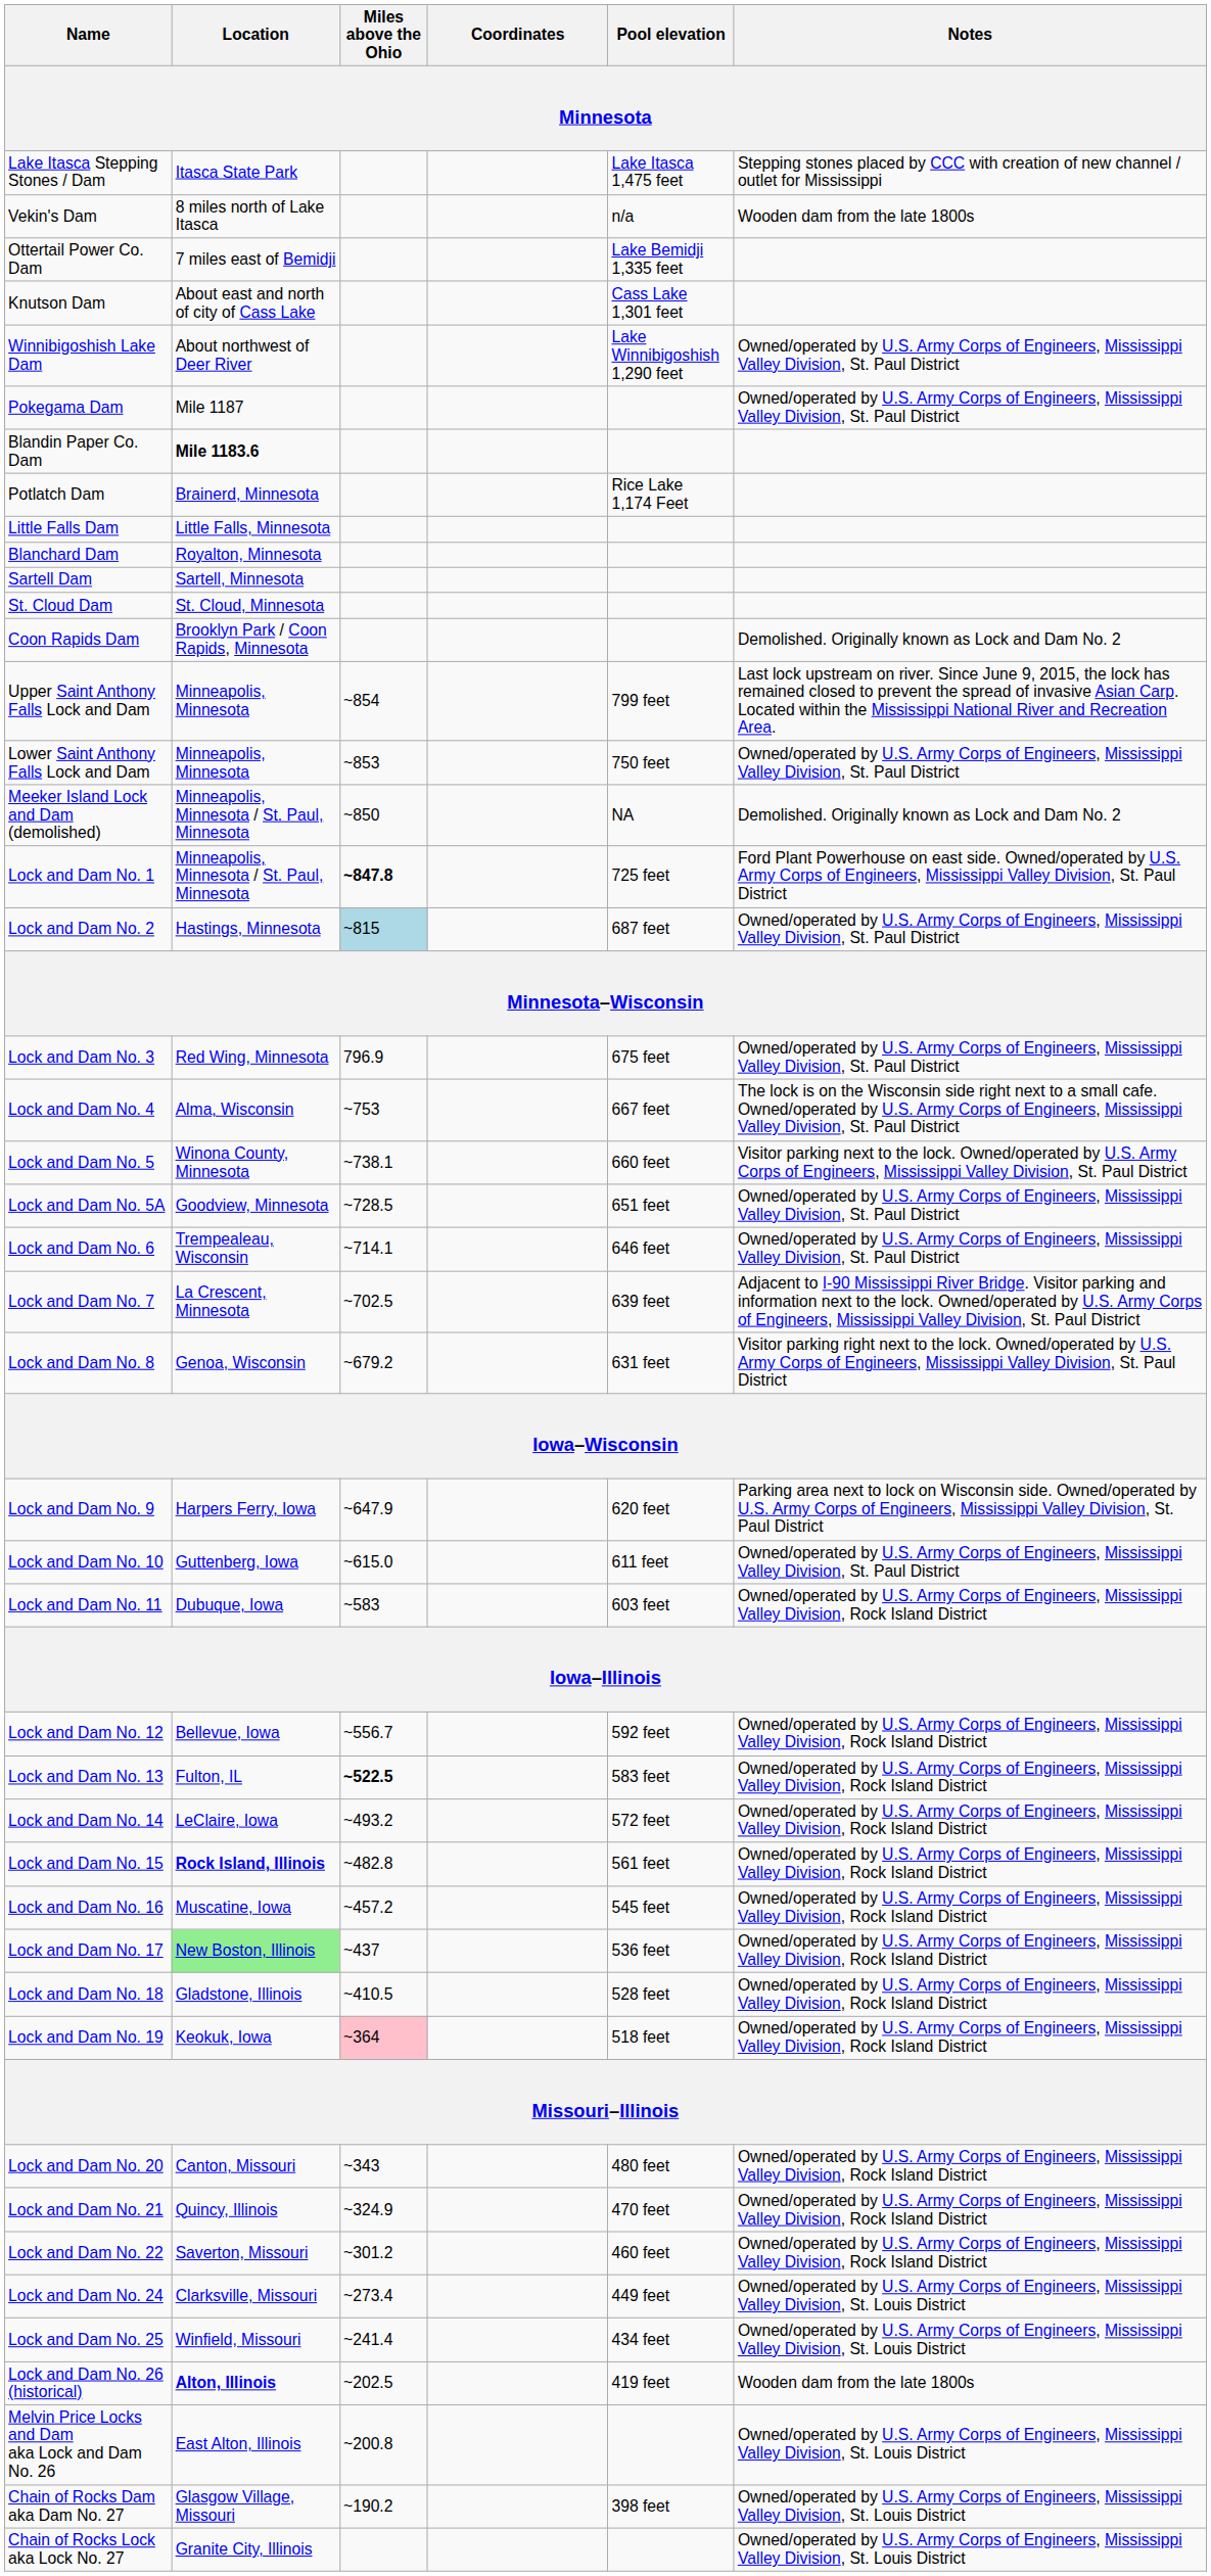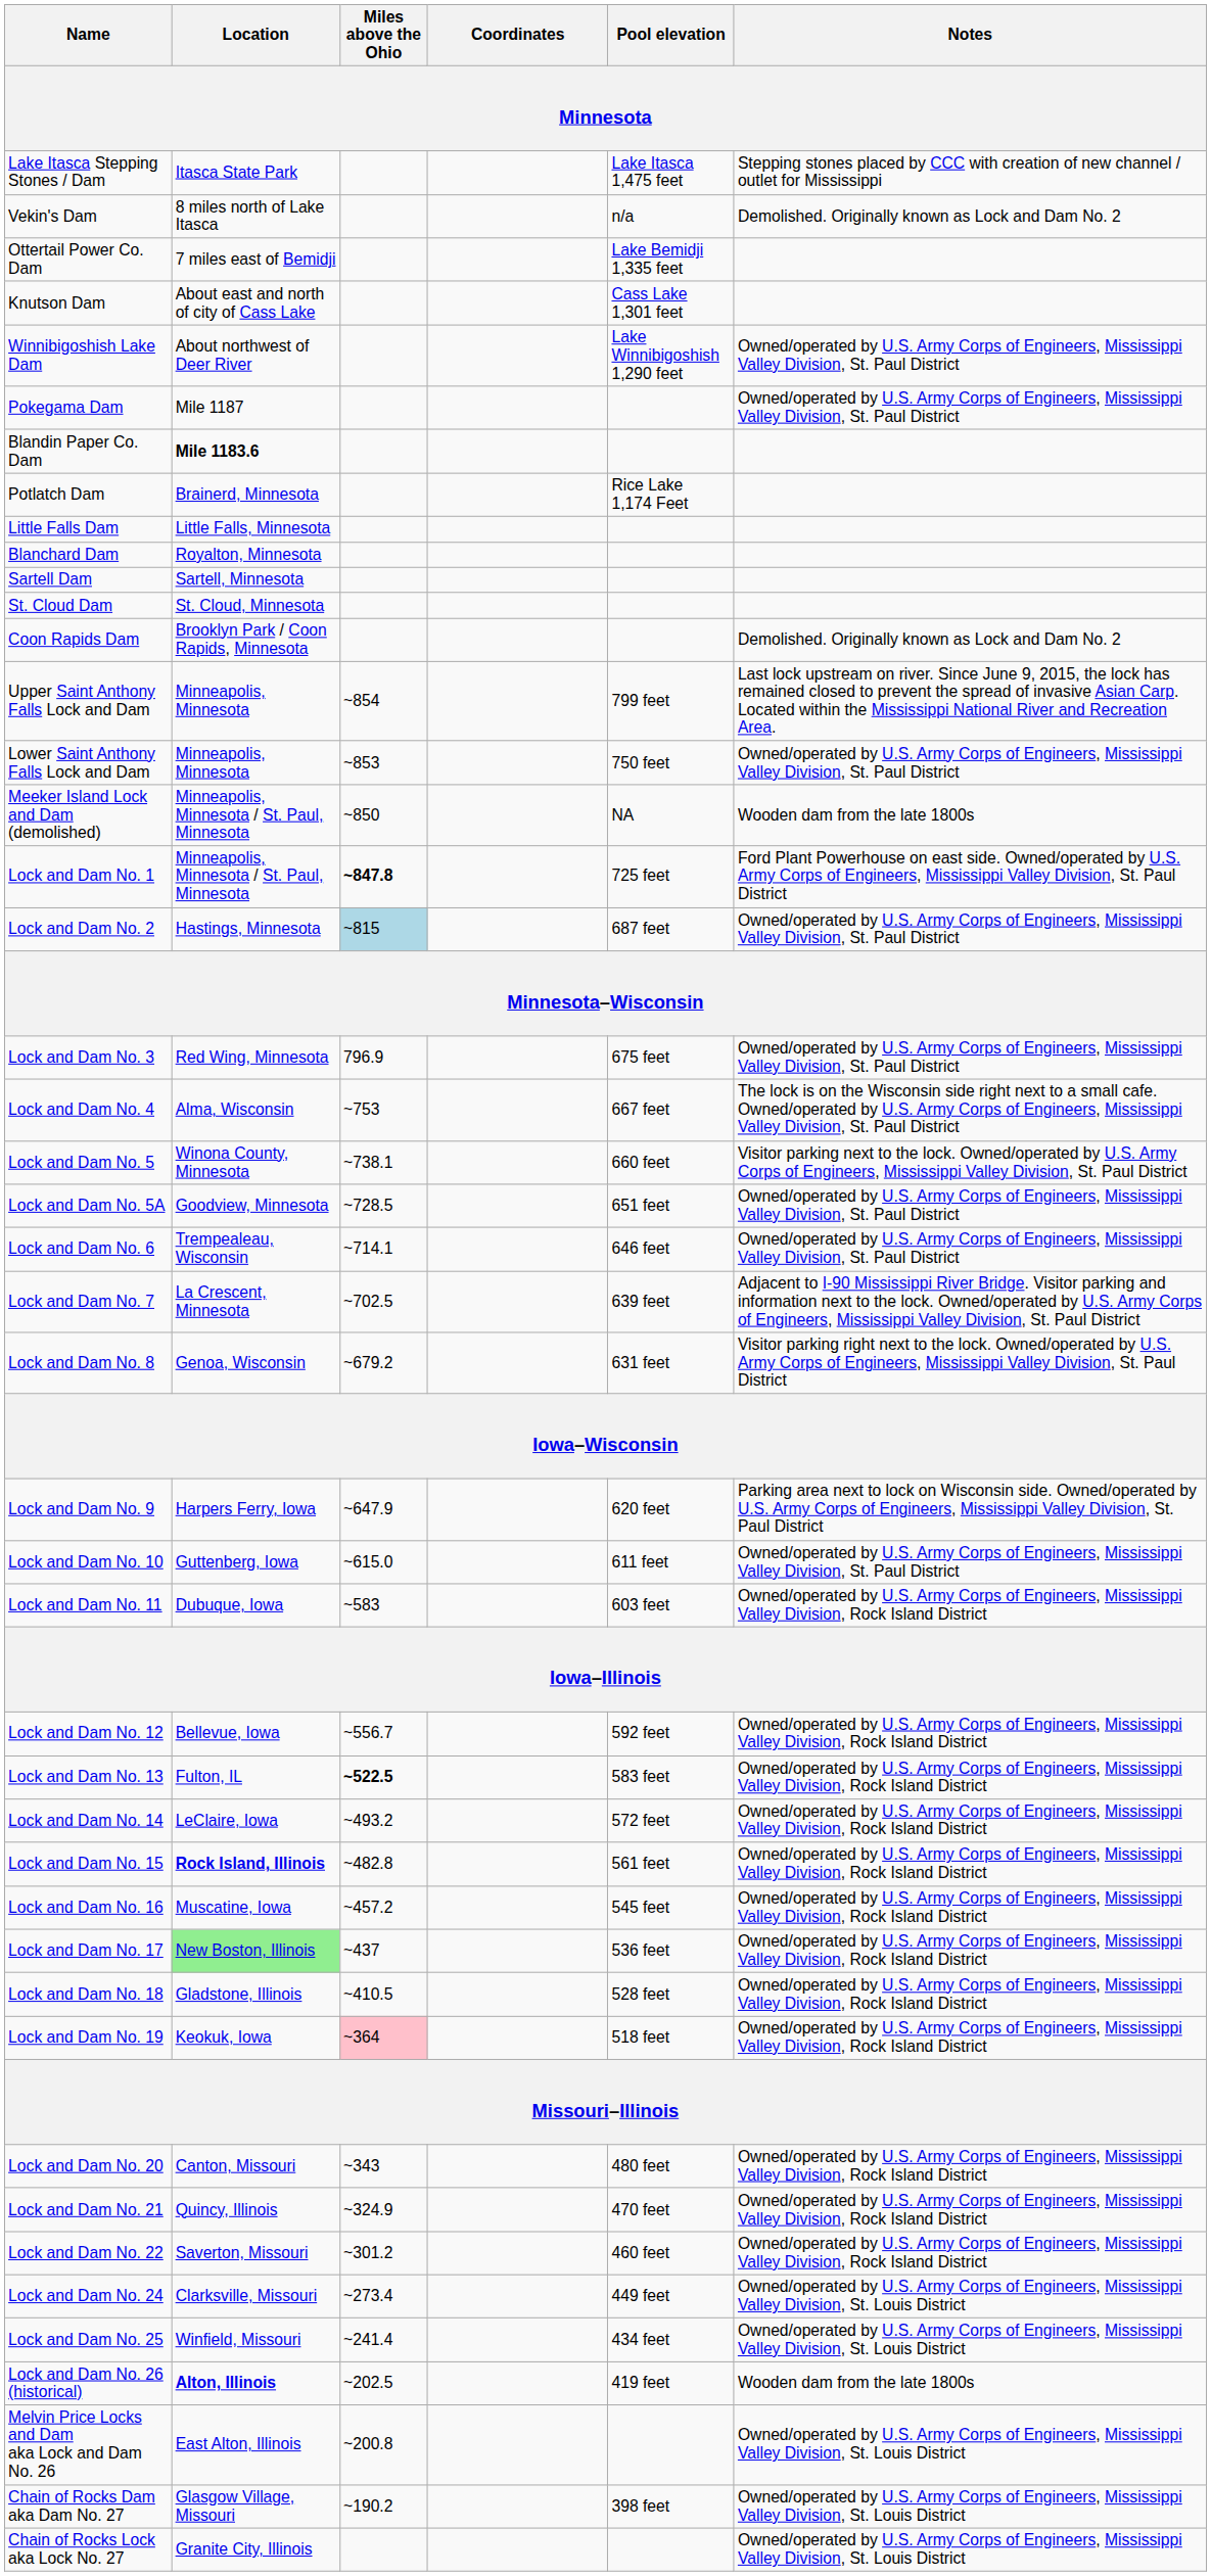 <table class="wikitable" width="95%">
 <tr>
 <th>Name</th>
 <th>Location</th>
 <th>Miles above the Ohio</th>
 <th width="15%">Coordinates</th>
 <th>Pool elevation</th>
 <th>Notes</th>
 </tr>
 <tr>
 <th colspan=6><br><h3><a href='#'>Minnesota</a></h3></th>
 </tr>
 <tr>
 <td><a href='#'>Lake Itasca</a> Stepping Stones / Dam</td>
 <td><a href='#'>Itasca State Park</a></td>
 <td></td>
 <td></td>
 <td><a href='#'>Lake Itasca</a><br>1,475 feet</td>
 <td>Stepping stones placed by <a href='#'>CCC</a> with creation of new channel / outlet for Mississippi</td>
 </tr>
 <tr>
 <td>Vekin's Dam</td>
 <td>8 miles north of Lake Itasca</td>
 <td></td>
 <td></td>
 <td>n/a</td>
-<td>Wooden dam from the late 1800s</td>
+<td>Demolished. Originally known as Lock and Dam No. 2</td>
 </tr>
 <tr>
 <td>Ottertail Power Co. Dam</td>
 <td>7 miles east of <a href='#'>Bemidji</a></td>
 <td></td>
 <td></td>
 <td><a href='#'>Lake Bemidji</a><br>1,335 feet</td>
 <td></td>
 </tr>
 <tr>
 <td>Knutson Dam</td>
 <td>About  east and north of city of <a href='#'>Cass Lake</a></td>
 <td></td>
 <td></td>
 <td><a href='#'>Cass Lake</a><br>1,301 feet</td>
 <td></td>
 </tr>
 <tr>
 <td><a href='#'>Winnibigoshish Lake Dam</a></td>
 <td>About  northwest of <a href='#'>Deer River</a></td>
 <td></td>
 <td></td>
 <td><a href='#'>Lake Winnibigoshish</a><br>1,290 feet</td>
 <td>Owned/operated by <a href='#'>U.S. Army Corps of Engineers</a>, <a href='#'>Mississippi Valley Division</a>, St. Paul District</td>
 </tr>
 <tr>
 <td><a href='#'>Pokegama Dam</a></td>
 <td>Mile 1187</td>
 <td></td>
 <td></td>
 <td></td>
 <td>Owned/operated by <a href='#'>U.S. Army Corps of Engineers</a>, <a href='#'>Mississippi Valley Division</a>, St. Paul District</td>
 </tr>
 <tr>
 <td>Blandin Paper Co. Dam</td>
 <td><strong>Mile 1183.6</strong></td>
 <td></td>
 <td></td>
 <td></td>
 <td></td>
 </tr>
 <tr>
 <td>Potlatch Dam</td>
 <td><a href='#'>Brainerd, Minnesota</a></td>
 <td></td>
 <td></td>
 <td>Rice Lake<br>1,174 Feet</td>
 <td></td>
 </tr>
 <tr>
 <td><a href='#'>Little Falls Dam</a></td>
 <td><a href='#'>Little Falls, Minnesota</a></td>
 <td></td>
 <td></td>
 <td></td>
 <td></td>
 </tr>
 <tr>
 <td><a href='#'>Blanchard Dam</a></td>
 <td><a href='#'>Royalton, Minnesota</a></td>
 <td></td>
 <td></td>
 <td></td>
 <td></td>
 </tr>
 <tr>
 <td><a href='#'>Sartell Dam</a></td>
 <td><a href='#'>Sartell, Minnesota</a></td>
 <td></td>
 <td></td>
 <td></td>
 <td></td>
 </tr>
 <tr>
 <td><a href='#'>St. Cloud Dam</a></td>
 <td><a href='#'>St. Cloud, Minnesota</a></td>
 <td></td>
 <td></td>
 <td></td>
 <td></td>
 </tr>
 <tr>
 <td><a href='#'>Coon Rapids Dam</a></td>
 <td><a href='#'>Brooklyn Park</a> / <a href='#'>Coon Rapids</a>, <a href='#'>Minnesota</a></td>
 <td></td>
 <td></td>
 <td></td>
 <td>Demolished. Originally known as Lock and Dam No. 2</td>
 </tr>
 <tr>
 <td>Upper <a href='#'>Saint Anthony Falls</a> Lock and Dam</td>
 <td><a href='#'>Minneapolis, Minnesota</a></td>
 <td>~854</td>
 <td></td>
 <td>799 feet</td>
 <td>Last lock upstream on river. Since June 9, 2015, the lock has remained closed to prevent the spread of invasive <a href='#'>Asian Carp</a>. Located within the <a href='#'>Mississippi National River and Recreation Area</a>.</td>
 </tr>
 <tr>
 <td>Lower <a href='#'>Saint Anthony Falls</a> Lock and Dam</td>
 <td><a href='#'>Minneapolis, Minnesota</a></td>
 <td>~853</td>
 <td></td>
 <td>750 feet</td>
 <td>Owned/operated by <a href='#'>U.S. Army Corps of Engineers</a>, <a href='#'>Mississippi Valley Division</a>, St. Paul District</td>
 </tr>
 <tr>
 <td><a href='#'>Meeker Island Lock and Dam</a><br>(demolished)</td>
 <td><a href='#'>Minneapolis, Minnesota</a> / <a href='#'>St. Paul, Minnesota</a></td>
 <td>~850</td>
 <td></td>
 <td>NA</td>
-<td>Demolished. Originally known as Lock and Dam No. 2</td>
+<td>Wooden dam from the late 1800s</td>
 </tr>
 <tr>
 <td><a href='#'>Lock and Dam No. 1</a></td>
 <td><a href='#'>Minneapolis, Minnesota</a> / <a href='#'>St. Paul, Minnesota</a></td>
 <td><strong>~847.8</strong></td>
 <td></td>
 <td>725 feet</td>
 <td>Ford Plant Powerhouse on east side. Owned/operated by <a href='#'>U.S. Army Corps of Engineers</a>, <a href='#'>Mississippi Valley Division</a>, St. Paul District</td>
 </tr>
 <tr>
 <td><a href='#'>Lock and Dam No. 2</a></td>
 <td><a href='#'>Hastings, Minnesota</a></td>
 <td style="background: lightblue;">~815</td>
 <td></td>
 <td>687 feet</td>
 <td>Owned/operated by <a href='#'>U.S. Army Corps of Engineers</a>, <a href='#'>Mississippi Valley Division</a>, St. Paul District</td>
 </tr>
 <tr>
 <th colspan=6><br><h3><a href='#'>Minnesota</a>–<a href='#'>Wisconsin</a></h3></th>
 </tr>
 <tr>
 <td><a href='#'>Lock and Dam No. 3</a></td>
 <td><a href='#'>Red Wing, Minnesota</a></td>
 <td>796.9</td>
 <td></td>
 <td>675 feet</td>
 <td>Owned/operated by <a href='#'>U.S. Army Corps of Engineers</a>, <a href='#'>Mississippi Valley Division</a>, St. Paul District</td>
 </tr>
 <tr>
 <td><a href='#'>Lock and Dam No. 4</a></td>
 <td><a href='#'>Alma, Wisconsin</a></td>
 <td>~753</td>
 <td></td>
 <td>667 feet</td>
 <td>The lock is on the Wisconsin side right next to a small cafe. Owned/operated by <a href='#'>U.S. Army Corps of Engineers</a>, <a href='#'>Mississippi Valley Division</a>, St. Paul District</td>
 </tr>
 <tr>
 <td><a href='#'>Lock and Dam No. 5</a></td>
 <td><a href='#'>Winona County, Minnesota</a></td>
 <td>~738.1</td>
 <td></td>
 <td>660 feet</td>
 <td>Visitor parking next to the lock. Owned/operated by <a href='#'>U.S. Army Corps of Engineers</a>, <a href='#'>Mississippi Valley Division</a>, St. Paul District</td>
 </tr>
 <tr>
 <td><a href='#'>Lock and Dam No. 5A</a></td>
 <td><a href='#'>Goodview, Minnesota</a></td>
 <td>~728.5</td>
 <td></td>
 <td>651 feet</td>
 <td>Owned/operated by <a href='#'>U.S. Army Corps of Engineers</a>, <a href='#'>Mississippi Valley Division</a>, St. Paul District</td>
 </tr>
 <tr>
 <td><a href='#'>Lock and Dam No. 6</a></td>
 <td><a href='#'>Trempealeau, Wisconsin</a></td>
 <td>~714.1</td>
 <td></td>
 <td>646 feet</td>
 <td>Owned/operated by <a href='#'>U.S. Army Corps of Engineers</a>, <a href='#'>Mississippi Valley Division</a>, St. Paul District</td>
 </tr>
 <tr>
 <td><a href='#'>Lock and Dam No. 7</a></td>
 <td><a href='#'>La Crescent, Minnesota</a></td>
 <td>~702.5</td>
 <td></td>
 <td>639 feet</td>
 <td>Adjacent to <a href='#'>I-90 Mississippi River Bridge</a>. Visitor parking and information next to the lock. Owned/operated by <a href='#'>U.S. Army Corps of Engineers</a>, <a href='#'>Mississippi Valley Division</a>, St. Paul District</td>
 </tr>
 <tr>
 <td><a href='#'>Lock and Dam No. 8</a></td>
 <td><a href='#'>Genoa, Wisconsin</a></td>
 <td>~679.2</td>
 <td></td>
 <td>631 feet</td>
 <td>Visitor parking right next to the lock. Owned/operated by <a href='#'>U.S. Army Corps of Engineers</a>, <a href='#'>Mississippi Valley Division</a>, St. Paul District</td>
 </tr>
 <tr>
 <th Colspan=6><br><h3><a href='#'>Iowa</a>–<a href='#'>Wisconsin</a></h3></th>
 </tr>
 <tr>
 <td><a href='#'>Lock and Dam No. 9</a></td>
 <td><a href='#'>Harpers Ferry, Iowa</a></td>
 <td>~647.9</td>
 <td></td>
 <td>620 feet</td>
 <td>Parking area next to lock on Wisconsin side. Owned/operated by <a href='#'>U.S. Army Corps of Engineers</a>, <a href='#'>Mississippi Valley Division</a>, St. Paul District</td>
 </tr>
 <tr>
 <td><a href='#'>Lock and Dam No. 10</a></td>
 <td><a href='#'>Guttenberg, Iowa</a></td>
 <td>~615.0</td>
 <td></td>
 <td>611 feet</td>
 <td>Owned/operated by <a href='#'>U.S. Army Corps of Engineers</a>, <a href='#'>Mississippi Valley Division</a>, St. Paul District</td>
 </tr>
 <tr>
 <td><a href='#'>Lock and Dam No. 11</a></td>
 <td><a href='#'>Dubuque, Iowa</a></td>
 <td>~583</td>
 <td></td>
 <td>603 feet</td>
 <td>Owned/operated by <a href='#'>U.S. Army Corps of Engineers</a>, <a href='#'>Mississippi Valley Division</a>, Rock Island District</td>
 </tr>
 <tr>
 <th colspan=6><br><h3><a href='#'>Iowa</a>–<a href='#'>Illinois</a></h3></th>
 </tr>
 <tr>
 <td><a href='#'>Lock and Dam No. 12</a></td>
 <td><a href='#'>Bellevue, Iowa</a></td>
 <td>~556.7</td>
 <td></td>
 <td>592 feet</td>
 <td>Owned/operated by <a href='#'>U.S. Army Corps of Engineers</a>, <a href='#'>Mississippi Valley Division</a>, Rock Island District</td>
 </tr>
 <tr>
 <td><a href='#'>Lock and Dam No. 13</a></td>
 <td><a href='#'>Fulton, IL</a></td>
 <td><strong>~522.5</strong></td>
 <td></td>
 <td>583 feet</td>
 <td>Owned/operated by <a href='#'>U.S. Army Corps of Engineers</a>, <a href='#'>Mississippi Valley Division</a>, Rock Island District</td>
 </tr>
 <tr>
 <td><a href='#'>Lock and Dam No. 14</a></td>
 <td><a href='#'>LeClaire, Iowa</a></td>
 <td>~493.2</td>
 <td></td>
 <td>572 feet</td>
 <td>Owned/operated by <a href='#'>U.S. Army Corps of Engineers</a>, <a href='#'>Mississippi Valley Division</a>, Rock Island District</td>
 </tr>
 <tr>
 <td><a href='#'>Lock and Dam No. 15</a></td>
 <td><strong><a href='#'>Rock Island, Illinois</a></strong></td>
 <td>~482.8</td>
 <td></td>
 <td>561 feet</td>
 <td>Owned/operated by <a href='#'>U.S. Army Corps of Engineers</a>, <a href='#'>Mississippi Valley Division</a>, Rock Island District</td>
 </tr>
 <tr>
 <td><a href='#'>Lock and Dam No. 16</a></td>
 <td><a href='#'>Muscatine, Iowa</a></td>
 <td>~457.2</td>
 <td></td>
 <td>545 feet</td>
 <td>Owned/operated by <a href='#'>U.S. Army Corps of Engineers</a>, <a href='#'>Mississippi Valley Division</a>, Rock Island District</td>
 </tr>
 <tr>
 <td><a href='#'>Lock and Dam No. 17</a></td>
 <td style="background: lightgreen;"><a href='#'>New Boston, Illinois</a></td>
 <td>~437</td>
 <td></td>
 <td>536 feet</td>
 <td>Owned/operated by <a href='#'>U.S. Army Corps of Engineers</a>, <a href='#'>Mississippi Valley Division</a>, Rock Island District</td>
 </tr>
 <tr>
 <td><a href='#'>Lock and Dam No. 18</a></td>
 <td><a href='#'>Gladstone, Illinois</a></td>
 <td>~410.5</td>
 <td></td>
 <td>528 feet</td>
 <td>Owned/operated by <a href='#'>U.S. Army Corps of Engineers</a>, <a href='#'>Mississippi Valley Division</a>, Rock Island District</td>
 </tr>
 <tr>
 <td><a href='#'>Lock and Dam No. 19</a></td>
 <td><a href='#'>Keokuk, Iowa</a></td>
 <td style="background: pink;">~364</td>
 <td></td>
 <td>518 feet</td>
 <td>Owned/operated by <a href='#'>U.S. Army Corps of Engineers</a>, <a href='#'>Mississippi Valley Division</a>, Rock Island District</td>
 </tr>
 <tr>
 <th colspan=6><br><h3><a href='#'>Missouri</a>–<a href='#'>Illinois</a></h3></th>
 </tr>
 <tr>
 <td><a href='#'>Lock and Dam No. 20</a></td>
 <td><a href='#'>Canton, Missouri</a></td>
 <td>~343</td>
 <td></td>
 <td>480 feet</td>
 <td>Owned/operated by <a href='#'>U.S. Army Corps of Engineers</a>, <a href='#'>Mississippi Valley Division</a>, Rock Island District</td>
 </tr>
 <tr>
 <td><a href='#'>Lock and Dam No. 21</a></td>
 <td><a href='#'>Quincy, Illinois</a></td>
 <td>~324.9</td>
 <td></td>
 <td>470 feet</td>
 <td>Owned/operated by <a href='#'>U.S. Army Corps of Engineers</a>, <a href='#'>Mississippi Valley Division</a>, Rock Island District</td>
 </tr>
 <tr>
 <td><a href='#'>Lock and Dam No. 22</a></td>
 <td><a href='#'>Saverton, Missouri</a></td>
 <td>~301.2</td>
 <td></td>
 <td>460 feet</td>
 <td>Owned/operated by <a href='#'>U.S. Army Corps of Engineers</a>, <a href='#'>Mississippi Valley Division</a>, Rock Island District</td>
 </tr>
 <tr>
 <td><a href='#'>Lock and Dam No. 24</a></td>
 <td><a href='#'>Clarksville, Missouri</a></td>
 <td>~273.4</td>
 <td></td>
 <td>449 feet</td>
 <td>Owned/operated by <a href='#'>U.S. Army Corps of Engineers</a>, <a href='#'>Mississippi Valley Division</a>, St. Louis District</td>
 </tr>
 <tr>
 <td><a href='#'>Lock and Dam No. 25</a></td>
 <td><a href='#'>Winfield, Missouri</a></td>
 <td>~241.4</td>
 <td></td>
 <td>434 feet</td>
 <td>Owned/operated by <a href='#'>U.S. Army Corps of Engineers</a>, <a href='#'>Mississippi Valley Division</a>, St. Louis District</td>
 </tr>
 <tr>
 <td><a href='#'>Lock and Dam No. 26 (historical)</a></td>
 <td><strong><a href='#'>Alton, Illinois</a></strong></td>
 <td>~202.5</td>
 <td></td>
 <td>419 feet</td>
 <td>Wooden dam from the late 1800s</td>
 </tr>
 <tr>
 <td><a href='#'>Melvin Price Locks and Dam</a><br>aka Lock and Dam No. 26</td>
 <td><a href='#'>East Alton, Illinois</a></td>
 <td>~200.8</td>
 <td></td>
 <td></td>
 <td>Owned/operated by <a href='#'>U.S. Army Corps of Engineers</a>, <a href='#'>Mississippi Valley Division</a>, St. Louis District</td>
 </tr>
 <tr>
 <td><a href='#'>Chain of Rocks Dam</a><br>aka Dam No. 27</td>
 <td><a href='#'>Glasgow Village, Missouri</a></td>
 <td>~190.2</td>
 <td></td>
 <td>398 feet</td>
 <td>Owned/operated by <a href='#'>U.S. Army Corps of Engineers</a>, <a href='#'>Mississippi Valley Division</a>, St. Louis District</td>
 </tr>
 <tr>
 <td><a href='#'>Chain of Rocks Lock</a><br>aka Lock No. 27</td>
 <td><a href='#'>Granite City, Illinois</a></td>
 <td></td>
 <td></td>
 <td></td>
 <td>Owned/operated by <a href='#'>U.S. Army Corps of Engineers</a>, <a href='#'>Mississippi Valley Division</a>, St. Louis District</td>
 </tr>
 </table>
